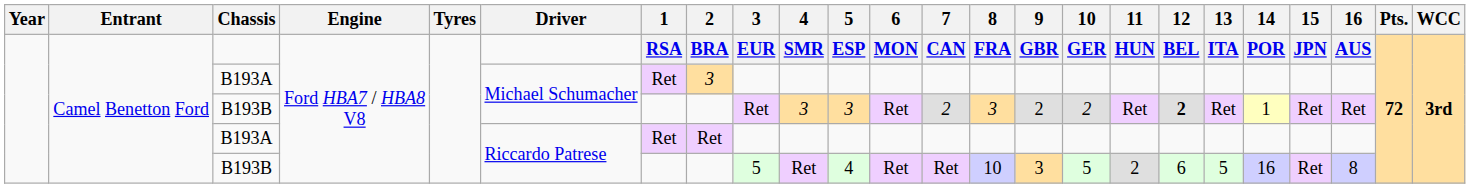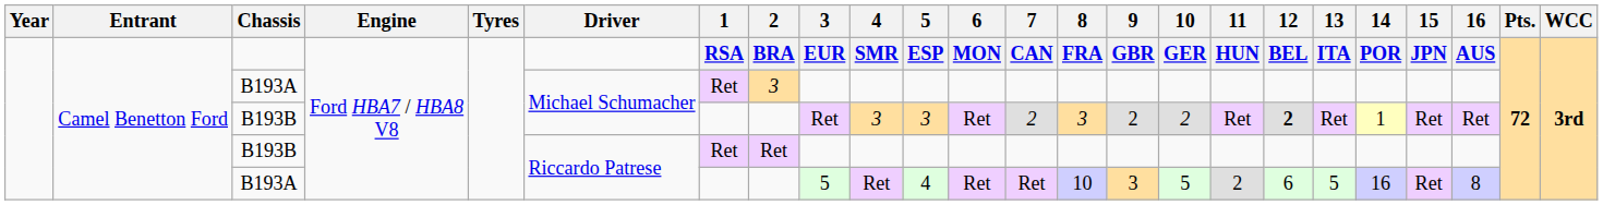 <table class="wikitable" style="text-align:center; font-size:95%">
 <tr>
 <th>Year</th>
 <th>Entrant</th>
 <th>Chassis</th>
 <th>Engine</th>
 <th>Tyres</th>
 <th>Driver</th>
 <th>1</th>
 <th>2</th>
 <th>3</th>
 <th>4</th>
 <th>5</th>
 <th>6</th>
 <th>7</th>
 <th>8</th>
 <th>9</th>
 <th>10</th>
 <th>11</th>
 <th>12</th>
 <th>13</th>
 <th>14</th>
 <th>15</th>
 <th>16</th>
 <th>Pts.</th>
 <th>WCC</th>
 </tr>
 <tr>
 <td rowspan="5"></td>
 <td rowspan="5"><a href='#'>Camel</a> <a href='#'>Benetton</a> <a href='#'>Ford</a></td>
 <td></td>
 <td rowspan="5"><a href='#'>Ford</a> <em><a href='#'>HBA7</a></em> / <em><a href='#'>HBA8</a></em><br><a href='#'>V8</a></td>
 <td rowspan="5"></td>
 <td></td>
 <th><a href='#'>RSA</a></th>
 <th><a href='#'>BRA</a></th>
 <th><a href='#'>EUR</a></th>
 <th><a href='#'>SMR</a></th>
 <th><a href='#'>ESP</a></th>
 <th><a href='#'>MON</a></th>
 <th><a href='#'>CAN</a></th>
 <th><a href='#'>FRA</a></th>
 <th><a href='#'>GBR</a></th>
 <th><a href='#'>GER</a></th>
 <th><a href='#'>HUN</a></th>
 <th><a href='#'>BEL</a></th>
 <th><a href='#'>ITA</a></th>
 <th><a href='#'>POR</a></th>
 <th><a href='#'>JPN</a></th>
 <th><a href='#'>AUS</a></th>
 <td rowspan="5" style="background:#ffdf9f;"><strong>72</strong></td>
 <td rowspan="5" style="background:#ffdf9f;"><strong>3rd</strong></td>
 </tr>
 <tr>
 <td>B193A</td>
 <td align="left" rowspan="2"><a href='#'>Michael Schumacher</a></td>
 <td style="background:#efcfff;">Ret</td>
 <td style="background:#ffdf9f;"><em>3</em></td>
 <td></td>
 <td></td>
 <td></td>
 <td></td>
 <td></td>
 <td></td>
 <td></td>
 <td></td>
 <td></td>
 <td></td>
 <td></td>
 <td></td>
 <td></td>
 <td></td>
 </tr>
 <tr>
 <td>B193B</td>
 <td></td>
 <td></td>
 <td style="background:#efcfff;">Ret</td>
 <td style="background:#ffdf9f;"><em>3</em></td>
 <td style="background:#ffdf9f;"><em>3</em></td>
 <td style="background:#efcfff;">Ret</td>
 <td style="background:#dfdfdf;"><em>2</em></td>
 <td style="background:#ffdf9f;"><em>3</em></td>
 <td style="background:#dfdfdf;">2</td>
 <td style="background:#dfdfdf;"><em>2</em></td>
 <td style="background:#efcfff;">Ret</td>
 <td style="background:#dfdfdf;"><strong>2</strong></td>
 <td style="background:#efcfff;">Ret</td>
 <td style="background:#ffffbf;">1</td>
 <td style="background:#efcfff;">Ret</td>
 <td style="background:#efcfff;">Ret</td>
 </tr>
 <tr>
-<td>B193A</td>
+<td>B193B</td>
 <td align="left" rowspan="2"><a href='#'>Riccardo Patrese</a></td>
 <td style="background:#efcfff;">Ret</td>
 <td style="background:#efcfff;">Ret</td>
 <td></td>
 <td></td>
 <td></td>
 <td></td>
 <td></td>
 <td></td>
 <td></td>
 <td></td>
 <td></td>
 <td></td>
 <td></td>
 <td></td>
 <td></td>
 <td></td>
 </tr>
 <tr>
-<td>B193B</td>
+<td>B193A</td>
 <td></td>
 <td></td>
 <td style="background:#dfffdf;">5</td>
 <td style="background:#efcfff;">Ret</td>
 <td style="background:#dfffdf;">4</td>
 <td style="background:#efcfff;">Ret</td>
 <td style="background:#efcfff;">Ret</td>
 <td style="background:#cfcfff;">10</td>
 <td style="background:#ffdf9f;">3</td>
 <td style="background:#dfffdf;">5</td>
 <td style="background:#dfdfdf;">2</td>
 <td style="background:#dfffdf;">6</td>
 <td style="background:#dfffdf;">5</td>
 <td style="background:#cfcfff;">16</td>
 <td style="background:#efcfff;">Ret</td>
 <td style="background:#cfcfff;">8</td>
 </tr>
 </table>
